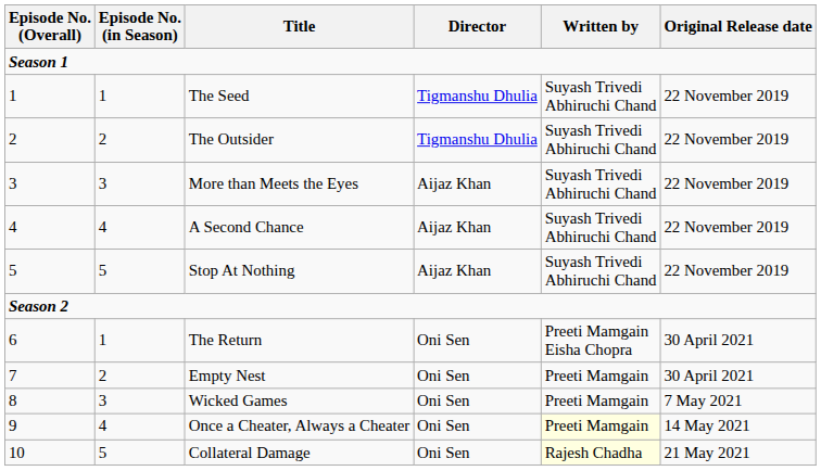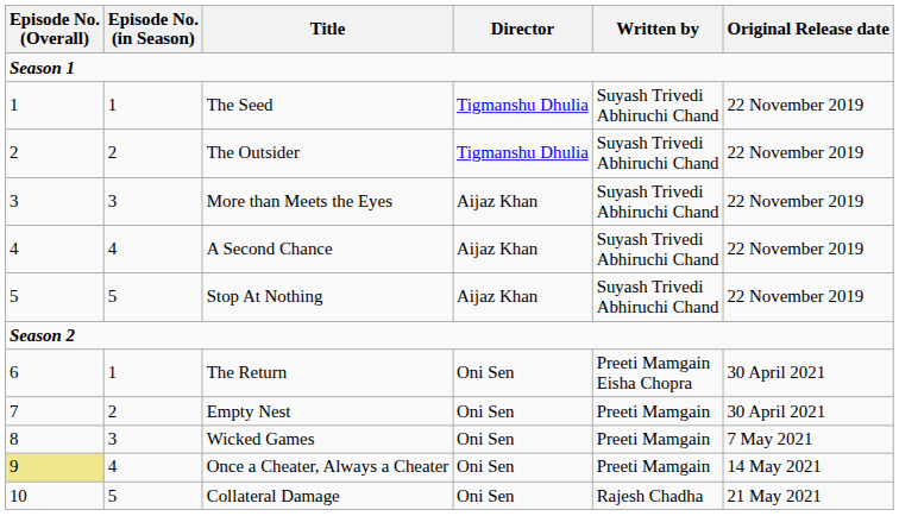 <table class="wikitable">
 <tr>
 <th>Episode No.<br>(Overall)</th>
 <th>Episode No.<br>(in Season)</th>
 <th>Title</th>
 <th>Director</th>
 <th>Written by</th>
 <th>Original Release date</th>
 </tr>
 <tr>
 <td colspan="6"><strong><em>Season 1</em></strong></td>
 </tr>
 <tr>
 <td>1</td>
 <td>1</td>
 <td>The Seed</td>
 <td><a href='#'>Tigmanshu Dhulia</a></td>
 <td>Suyash Trivedi<br>Abhiruchi Chand</td>
 <td>22 November 2019</td>
 </tr>
 <tr>
 <td>2</td>
 <td>2</td>
 <td>The Outsider</td>
 <td><a href='#'>Tigmanshu Dhulia</a></td>
 <td>Suyash Trivedi<br>Abhiruchi Chand</td>
 <td>22 November 2019</td>
 </tr>
 <tr>
 <td>3</td>
 <td>3</td>
 <td>More than Meets the Eyes</td>
 <td>Aijaz Khan</td>
 <td>Suyash Trivedi<br>Abhiruchi Chand</td>
 <td>22 November 2019</td>
 </tr>
 <tr>
 <td>4</td>
 <td>4</td>
 <td>A Second Chance</td>
 <td>Aijaz Khan</td>
 <td>Suyash Trivedi<br>Abhiruchi Chand</td>
 <td>22 November 2019</td>
 </tr>
 <tr>
 <td>5</td>
 <td>5</td>
 <td>Stop At Nothing</td>
 <td>Aijaz Khan</td>
 <td>Suyash Trivedi<br>Abhiruchi Chand</td>
 <td>22 November 2019</td>
 </tr>
 <tr>
 <td colspan="6"><strong><em>Season 2</em></strong></td>
 </tr>
 <tr>
 <td>6</td>
 <td>1</td>
 <td>The Return</td>
 <td>Oni Sen</td>
 <td>Preeti Mamgain<br>Eisha Chopra</td>
 <td>30 April 2021</td>
 </tr>
 <tr>
 <td>7</td>
 <td>2</td>
 <td>Empty Nest</td>
 <td>Oni Sen</td>
 <td>Preeti Mamgain</td>
 <td>30 April 2021</td>
 </tr>
 <tr>
 <td>8</td>
 <td>3</td>
 <td>Wicked Games</td>
 <td>Oni Sen</td>
 <td>Preeti Mamgain</td>
 <td>7 May 2021</td>
 </tr>
 <tr>
-<td>9</td>
+<td style="background: khaki;">9</td>
 <td>4</td>
 <td>Once a Cheater, Always a Cheater</td>
 <td>Oni Sen</td>
-<td style="background: lightyellow;">Preeti Mamgain</td>
+<td>Preeti Mamgain</td>
 <td>14 May 2021</td>
 </tr>
 <tr>
 <td>10</td>
 <td>5</td>
 <td>Collateral Damage</td>
 <td>Oni Sen</td>
-<td style="background: lightyellow;">Rajesh Chadha</td>
+<td>Rajesh Chadha</td>
 <td>21 May 2021</td>
 </tr>
 </table>
